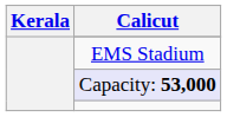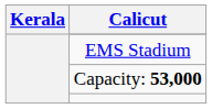 <table class="wikitable" style="text-align:center; margin-left:auto; margin-right:auto; border:none;">
 <tr>
 <th><a href='#'>Kerala</a></th>
 <th><a href='#'>Calicut</a></th>
 </tr>
 <tr>
 <th rowspan="4"></th>
 </tr>
 <tr>
 <td><a href='#'>EMS Stadium</a></td>
 </tr>
 <tr>
-<td style="background: lavender;">Capacity: <strong>53,000</strong></td>
+<td>Capacity: <strong>53,000</strong></td>
 </tr>
 <tr>
 <td></td>
 </tr>
 </table>
